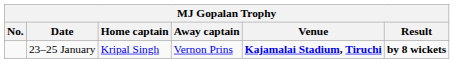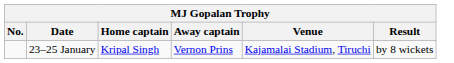 <table class="wikitable">
 <tr>
 <th colspan="9">MJ Gopalan Trophy</th>
 </tr>
 <tr>
 <th>No.</th>
 <th>Date</th>
 <th>Home captain</th>
 <th>Away captain</th>
 <th>Venue</th>
 <th>Result</th>
 </tr>
 <tr>
 <td></td>
 <td>23–25 January</td>
 <td><a href='#'>Kripal Singh</a></td>
 <td><a href='#'>Vernon Prins</a></td>
-<td><strong><a href='#'>Kajamalai Stadium</a>, <a href='#'>Tiruchi</a></strong></td>
-<td><strong> by 8 wickets</strong></td>
+<td><a href='#'>Kajamalai Stadium</a>, <a href='#'>Tiruchi</a></td>
+<td> by 8 wickets</td>
 </tr>
 </table>
